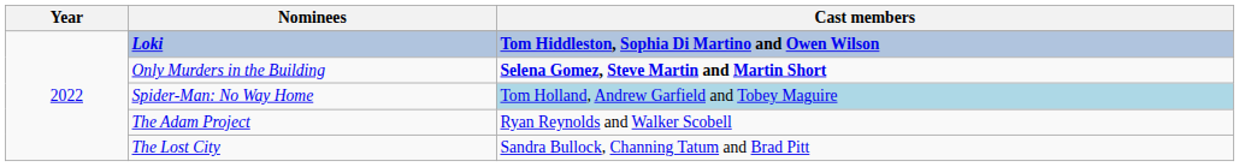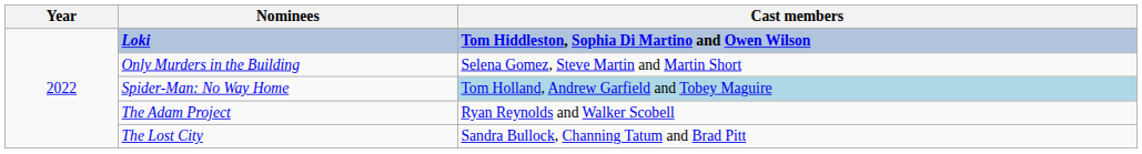 <table class="wikitable" width="95%" cellpadding="5">
 <tr>
 <th width="10%">Year</th>
 <th width="30%">Nominees</th>
 <th width="60%">Cast members</th>
 </tr>
 <tr>
 <td rowspan="6" align="center"><a href='#'>2022</a></td>
 </tr>
 <tr style="background:#B0C4DE;">
 <td><strong><em><a href='#'>Loki</a></em></strong></td>
 <td><strong><a href='#'>Tom Hiddleston</a>, <a href='#'>Sophia Di Martino</a> and <a href='#'>Owen Wilson</a></strong></td>
 </tr>
 <tr>
 <td><em><a href='#'>Only Murders in the Building</a></em></td>
-<td><strong><a href='#'>Selena Gomez</a>, <a href='#'>Steve Martin</a> and <a href='#'>Martin Short</a></strong></td>
+<td><a href='#'>Selena Gomez</a>, <a href='#'>Steve Martin</a> and <a href='#'>Martin Short</a></td>
 </tr>
 <tr>
 <td><em><a href='#'>Spider-Man: No Way Home</a></em></td>
 <td style="background: lightblue;"><a href='#'>Tom Holland</a>, <a href='#'>Andrew Garfield</a> and <a href='#'>Tobey Maguire</a></td>
 </tr>
 <tr>
 <td><em><a href='#'>The Adam Project</a></em></td>
 <td><a href='#'>Ryan Reynolds</a> and <a href='#'>Walker Scobell</a></td>
 </tr>
 <tr>
 <td><em><a href='#'>The Lost City</a></em></td>
 <td><a href='#'>Sandra Bullock</a>, <a href='#'>Channing Tatum</a> and <a href='#'>Brad Pitt</a></td>
 </tr>
 </table>
